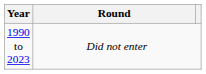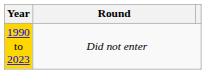 <table class="wikitable" style="text-align: center; font-size:90%">
 <tr>
 <th>Year</th>
 <th style="width:200px">Round</th>
 <th></th>
 </tr>
 <tr>
-<td><a href='#'>1990</a><br>to<br><a href='#'>2023</a></td>
+<td style="background: gold;"><a href='#'>1990</a><br>to<br><a href='#'>2023</a></td>
 <td colspan="2"><em>Did not enter</em></td>
 </tr>
 </table>
